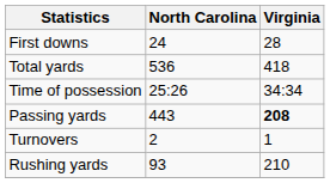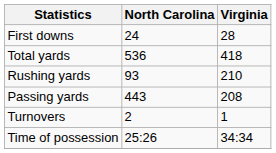 <table class="wikitable">
 <tr>
 <th>Statistics</th>
 <th>North Carolina</th>
 <th>Virginia</th>
 </tr>
 <tr>
 <td>First downs</td>
 <td>24</td>
 <td>28</td>
 </tr>
 <tr>
 <td>Total yards</td>
 <td>536</td>
 <td>418</td>
 </tr>
 <tr>
-<td>Time of possession</td>
-<td>25:26</td>
-<td>34:34</td>
+<td>Rushing yards</td>
+<td>93</td>
+<td>210</td>
 </tr>
 <tr>
 <td>Passing yards</td>
 <td>443</td>
-<td><strong>208</strong></td>
+<td>208</td>
 </tr>
 <tr>
 <td>Turnovers</td>
 <td>2</td>
 <td>1</td>
 </tr>
 <tr>
-<td>Rushing yards</td>
-<td>93</td>
-<td>210</td>
+<td>Time of possession</td>
+<td>25:26</td>
+<td>34:34</td>
 </tr>
 <tr>
 </tr>
 </table>
